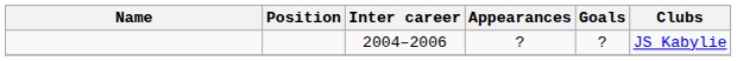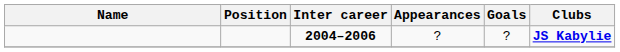 <table class="wikitable sortable" style="text-align: center;">
 <tr>
 <th style="width:16em">Name</th>
 <th>Position</th>
 <th>Inter career</th>
 <th>Appearances</th>
 <th>Goals</th>
 <th>Clubs</th>
 </tr>
 <tr>
 <td align="left"></td>
 <td></td>
-<td>2004–2006</td>
+<td><strong>2004–2006</strong></td>
 <td>?</td>
 <td>?</td>
-<td><a href='#'>JS Kabylie</a></td>
+<td><strong><a href='#'>JS Kabylie</a></strong></td>
 </tr>
 <tr>
 </tr>
 </table>
